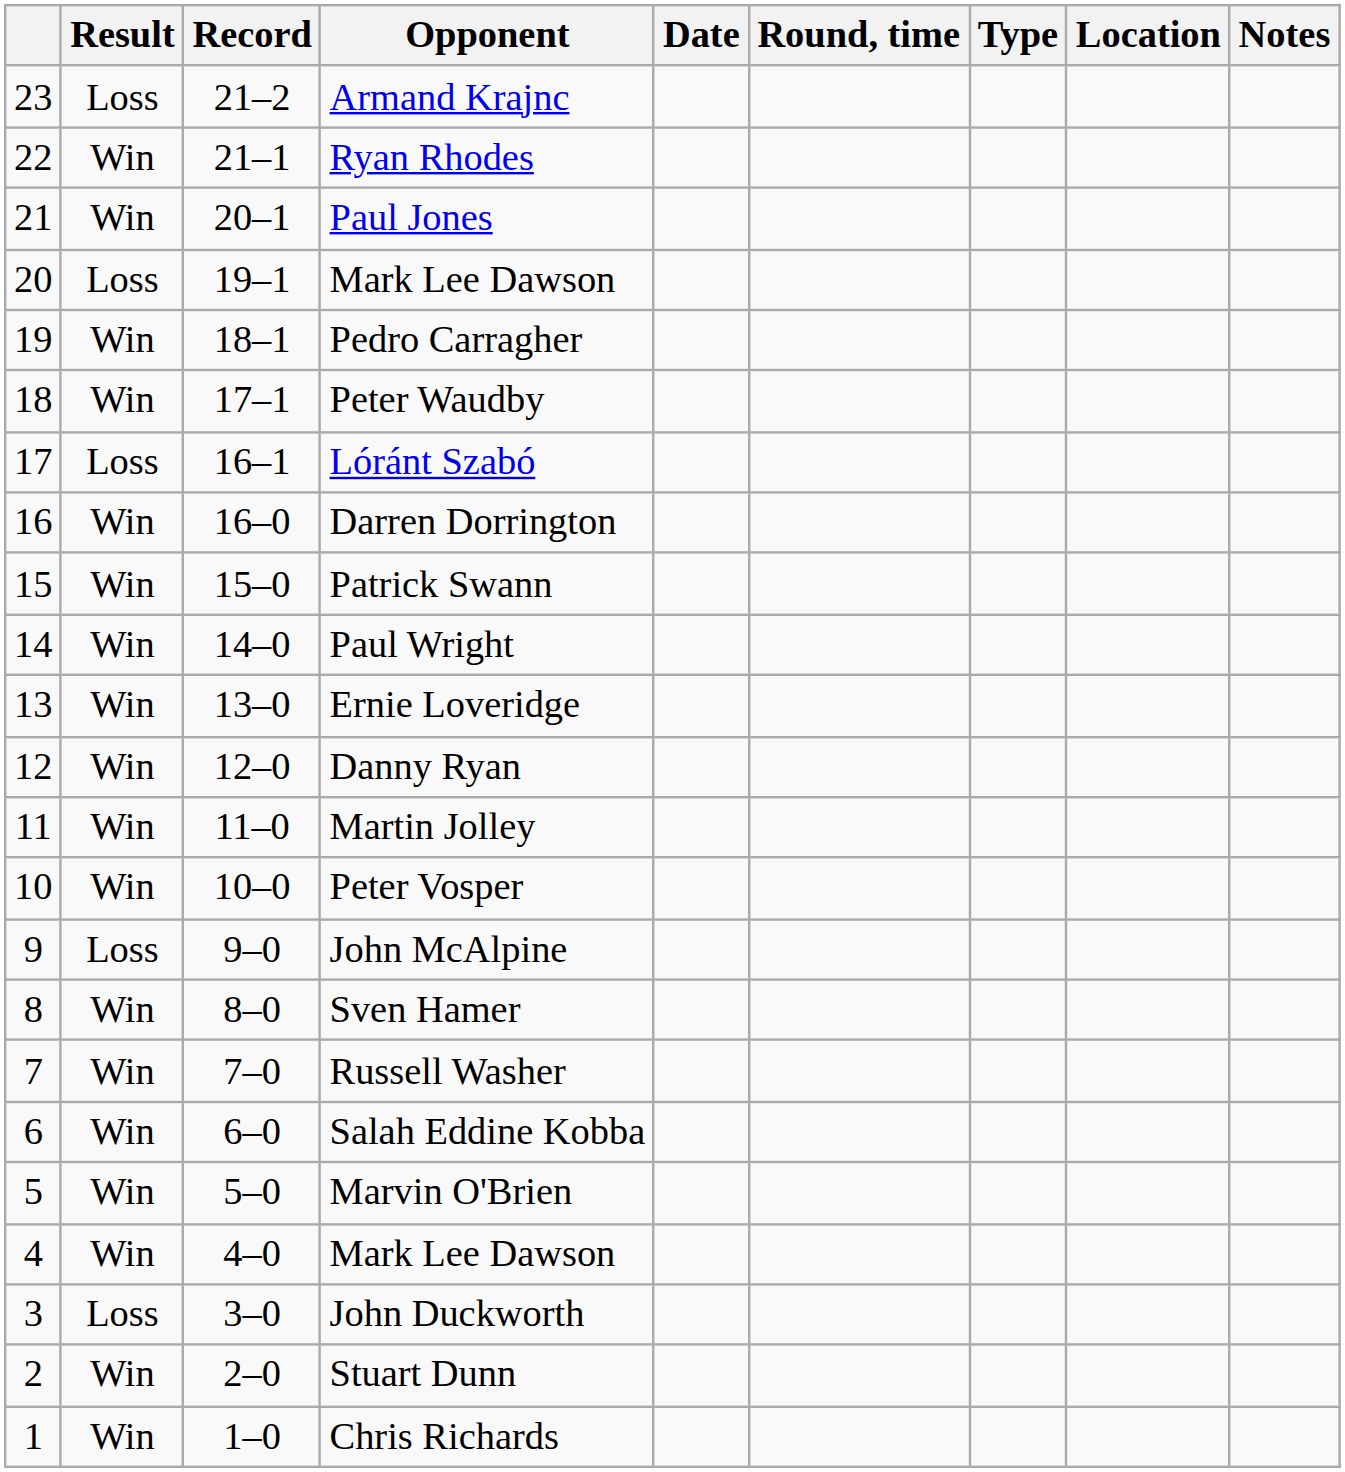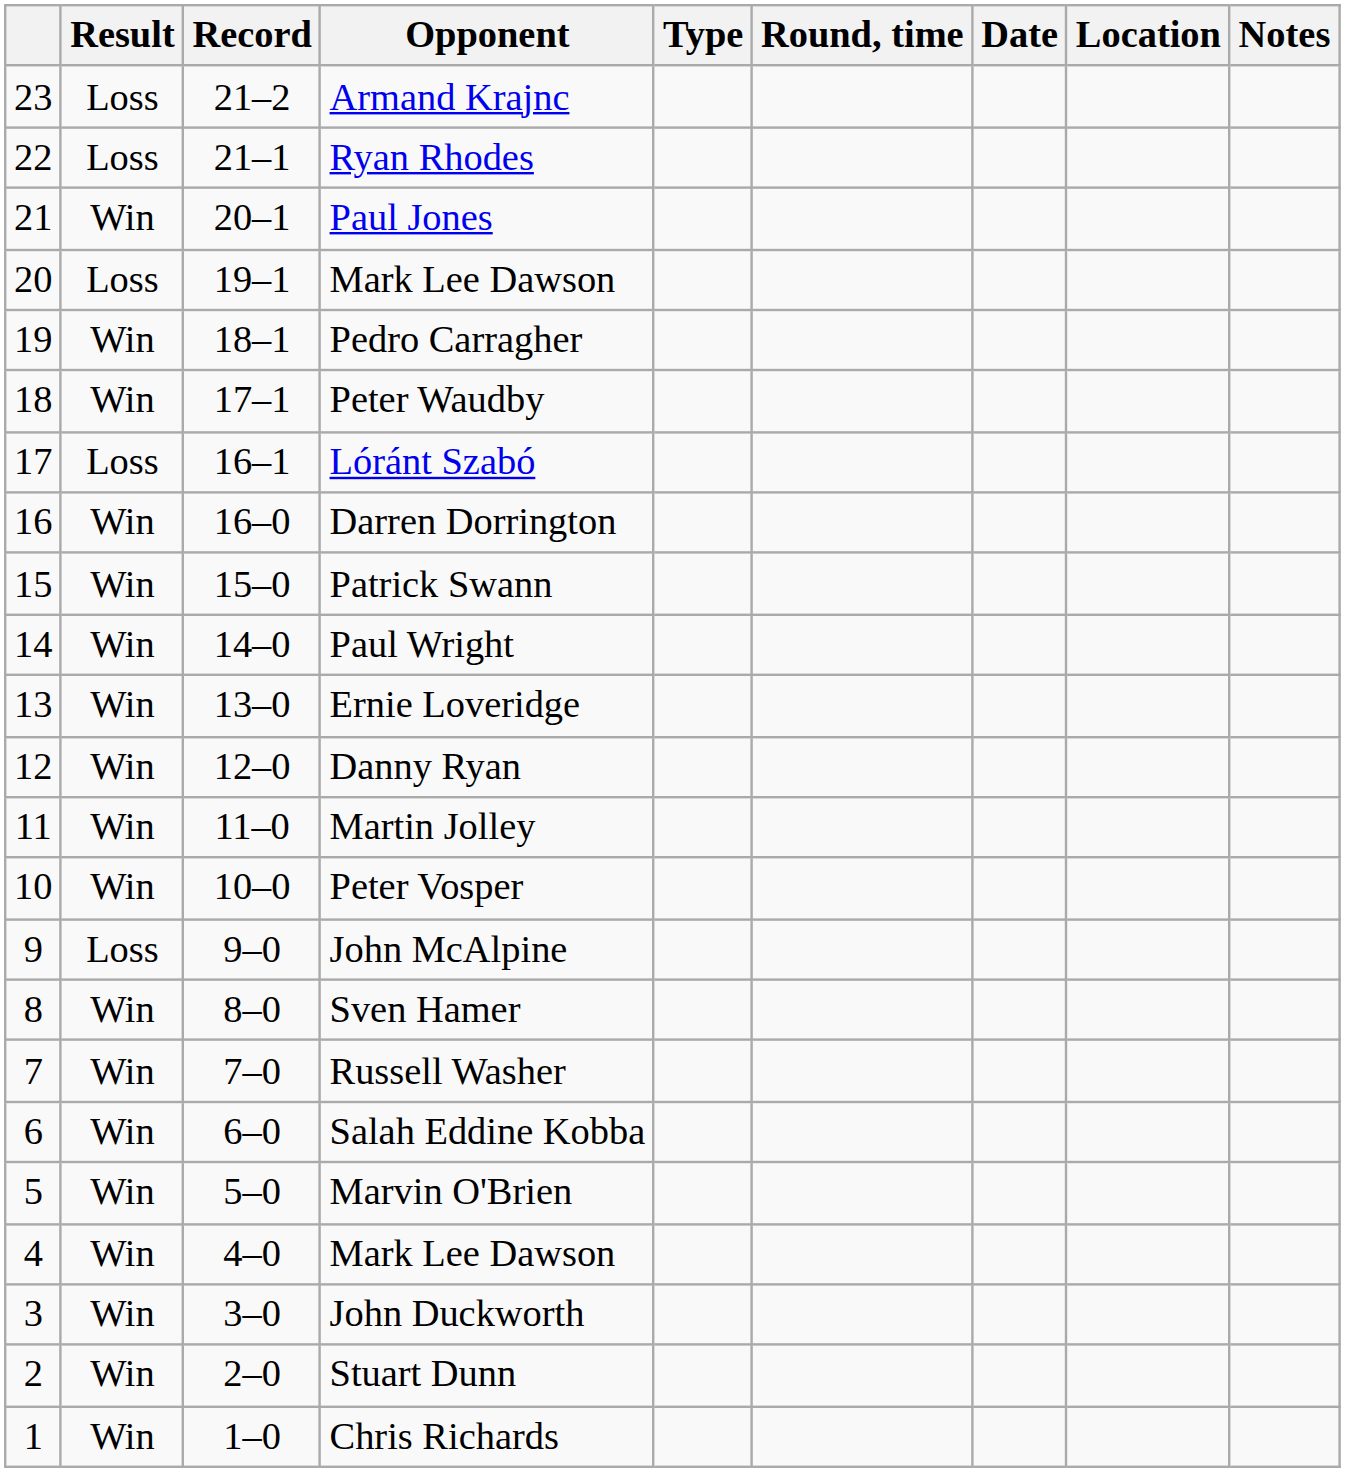 <table class="wikitable" style="text-align:center">
 <tr>
 <th></th>
 <th>Result</th>
 <th>Record</th>
 <th>Opponent</th>
+<th>Type</th>
+<th>Round, time</th>
 <th>Date</th>
-<th>Round, time</th>
-<th>Type</th>
 <th>Location</th>
 <th>Notes</th>
 </tr>
 <tr>
 <td>23</td>
 <td>Loss</td>
 <td>21–2</td>
 <td align=left><a href='#'>Armand Krajnc</a></td>
 <td></td>
 <td></td>
 <td></td>
 <td align=left></td>
 <td align=left></td>
 </tr>
 <tr>
 <td>22</td>
-<td>Win</td>
+<td>Loss</td>
 <td>21–1</td>
 <td align=left><a href='#'>Ryan Rhodes</a></td>
 <td></td>
 <td></td>
 <td></td>
 <td align=left></td>
 <td align=left></td>
 </tr>
 <tr>
 <td>21</td>
 <td>Win</td>
 <td>20–1</td>
 <td align=left><a href='#'>Paul Jones</a></td>
 <td></td>
 <td></td>
 <td></td>
 <td align=left></td>
 <td align=left></td>
 </tr>
 <tr>
 <td>20</td>
 <td>Loss</td>
 <td>19–1</td>
 <td align=left>Mark Lee Dawson</td>
 <td></td>
 <td></td>
 <td></td>
 <td align=left></td>
 <td align=left></td>
 </tr>
 <tr>
 <td>19</td>
 <td>Win</td>
 <td>18–1</td>
 <td align=left>Pedro Carragher</td>
 <td></td>
 <td></td>
 <td></td>
 <td align=left></td>
 <td align=left></td>
 </tr>
 <tr>
 <td>18</td>
 <td>Win</td>
 <td>17–1</td>
 <td align=left>Peter Waudby</td>
 <td></td>
 <td></td>
 <td></td>
 <td align=left></td>
 <td align=left></td>
 </tr>
 <tr>
 <td>17</td>
 <td>Loss</td>
 <td>16–1</td>
 <td align=left><a href='#'>Lóránt Szabó</a></td>
 <td></td>
 <td></td>
 <td></td>
 <td align=left></td>
 <td align=left></td>
 </tr>
 <tr>
 <td>16</td>
 <td>Win</td>
 <td>16–0</td>
 <td align=left>Darren Dorrington</td>
 <td></td>
 <td></td>
 <td></td>
 <td align=left></td>
 <td align=left></td>
 </tr>
 <tr>
 <td>15</td>
 <td>Win</td>
 <td>15–0</td>
 <td align=left>Patrick Swann</td>
 <td></td>
 <td></td>
 <td></td>
 <td align=left></td>
 <td align=left></td>
 </tr>
 <tr>
 <td>14</td>
 <td>Win</td>
 <td>14–0</td>
 <td align=left>Paul Wright</td>
 <td></td>
 <td></td>
 <td></td>
 <td align=left></td>
 <td align=left></td>
 </tr>
 <tr>
 <td>13</td>
 <td>Win</td>
 <td>13–0</td>
 <td align=left>Ernie Loveridge</td>
 <td></td>
 <td></td>
 <td></td>
 <td align=left></td>
 <td align=left></td>
 </tr>
 <tr>
 <td>12</td>
 <td>Win</td>
 <td>12–0</td>
 <td align=left>Danny Ryan</td>
 <td></td>
 <td></td>
 <td></td>
 <td align=left></td>
 <td align=left></td>
 </tr>
 <tr>
 <td>11</td>
 <td>Win</td>
 <td>11–0</td>
 <td align=left>Martin Jolley</td>
 <td></td>
 <td></td>
 <td></td>
 <td align=left></td>
 <td align=left></td>
 </tr>
 <tr>
 <td>10</td>
 <td>Win</td>
 <td>10–0</td>
 <td align=left>Peter Vosper</td>
 <td></td>
 <td></td>
 <td></td>
 <td align=left></td>
 <td align=left></td>
 </tr>
 <tr>
 <td>9</td>
 <td>Loss</td>
 <td>9–0</td>
 <td align=left>John McAlpine</td>
 <td></td>
 <td></td>
 <td></td>
 <td align=left></td>
 <td align=left></td>
 </tr>
 <tr>
 <td>8</td>
 <td>Win</td>
 <td>8–0</td>
 <td align=left>Sven Hamer</td>
 <td></td>
 <td></td>
 <td></td>
 <td align=left></td>
 <td align=left></td>
 </tr>
 <tr>
 <td>7</td>
 <td>Win</td>
 <td>7–0</td>
 <td align=left>Russell Washer</td>
 <td></td>
 <td></td>
 <td></td>
 <td align=left></td>
 <td align=left></td>
 </tr>
 <tr>
 <td>6</td>
 <td>Win</td>
 <td>6–0</td>
 <td align=left>Salah Eddine Kobba</td>
 <td></td>
 <td></td>
 <td></td>
 <td align=left></td>
 <td align=left></td>
 </tr>
 <tr>
 <td>5</td>
 <td>Win</td>
 <td>5–0</td>
 <td align=left>Marvin O'Brien</td>
 <td></td>
 <td></td>
 <td></td>
 <td align=left></td>
 <td align=left></td>
 </tr>
 <tr>
 <td>4</td>
 <td>Win</td>
 <td>4–0</td>
 <td align=left>Mark Lee Dawson</td>
 <td></td>
 <td></td>
 <td></td>
 <td align=left></td>
 <td align=left></td>
 </tr>
 <tr>
 <td>3</td>
-<td>Loss</td>
+<td>Win</td>
 <td>3–0</td>
 <td align=left>John Duckworth</td>
 <td></td>
 <td></td>
 <td></td>
 <td align=left></td>
 <td align=left></td>
 </tr>
 <tr>
 <td>2</td>
 <td>Win</td>
 <td>2–0</td>
 <td align=left>Stuart Dunn</td>
 <td></td>
 <td></td>
 <td></td>
 <td align=left></td>
 <td align=left></td>
 </tr>
 <tr>
 <td>1</td>
 <td>Win</td>
 <td>1–0</td>
 <td align=left>Chris Richards</td>
 <td></td>
 <td></td>
 <td></td>
 <td align=left></td>
 <td align=left></td>
 </tr>
 </table>
